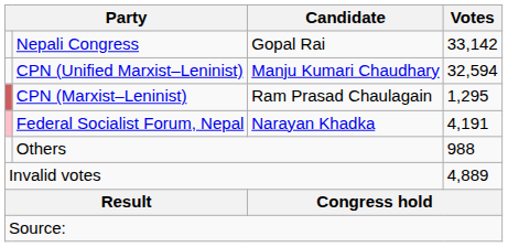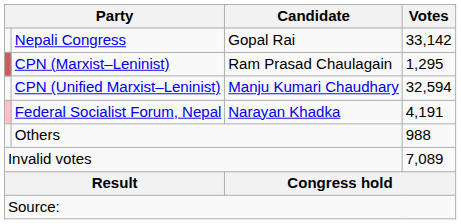 <table class="wikitable">
 <tr>
 <th colspan="2">Party</th>
 <th>Candidate</th>
 <th>Votes</th>
 </tr>
 <tr>
 <td style="background-color:"></td>
 <td><a href='#'>Nepali Congress</a></td>
 <td>Gopal Rai</td>
 <td>33,142</td>
 </tr>
 <tr>
+<td style="background-color:indianred"></td>
+<td><a href='#'>CPN (Marxist–Leninist)</a></td>
+<td>Ram Prasad Chaulagain</td>
+<td>1,295</td>
+</tr>
+<tr>
 <td style="background-color:"></td>
 <td><a href='#'>CPN (Unified Marxist–Leninist)</a></td>
 <td><a href='#'>Manju Kumari Chaudhary</a></td>
 <td>32,594</td>
-</tr>
-<tr>
-<td style="background-color:indianred"></td>
-<td><a href='#'>CPN (Marxist–Leninist)</a></td>
-<td>Ram Prasad Chaulagain</td>
-<td>1,295</td>
 </tr>
 <tr>
 <td style="background-color:pink"></td>
 <td><a href='#'>Federal Socialist Forum, Nepal</a></td>
 <td><a href='#'>Narayan Khadka</a></td>
 <td>4,191</td>
 </tr>
 <tr>
 <td></td>
 <td colspan="2">Others</td>
 <td>988</td>
 </tr>
 <tr>
 <td colspan="3">Invalid votes</td>
-<td>4,889</td>
+<td>7,089</td>
 </tr>
 <tr>
 <th colspan="2">Result</th>
 <th colspan="2">Congress hold</th>
 </tr>
 <tr>
 <td colspan="4">Source: </td>
 </tr>
 </table>
